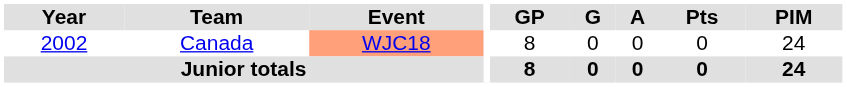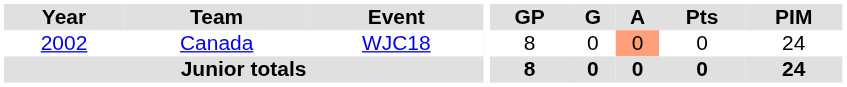 <table border="0" cellpadding="1" cellspacing="0" ID="Table3" style="text-align:center; width:40em">
 <tr ALIGN="center" bgcolor="#e0e0e0">
 <th>Year</th>
 <th>Team</th>
 <th>Event</th>
 <th rowspan="99" bgcolor="#ffffff"></th>
 <th>GP</th>
 <th>G</th>
 <th>A</th>
 <th>Pts</th>
 <th>PIM</th>
 </tr>
 <tr>
 <td><a href='#'>2002</a></td>
 <td><a href='#'>Canada</a></td>
-<td style="background: lightsalmon;"><a href='#'>WJC18</a></td>
+<td><a href='#'>WJC18</a></td>
 <td>8</td>
 <td>0</td>
-<td>0</td>
+<td style="background: lightsalmon;">0</td>
 <td>0</td>
 <td>24</td>
 </tr>
 <tr bgcolor="#e0e0e0">
 <th colspan="3">Junior totals</th>
 <th>8</th>
 <th>0</th>
 <th>0</th>
 <th>0</th>
 <th>24</th>
 </tr>
 </table>
